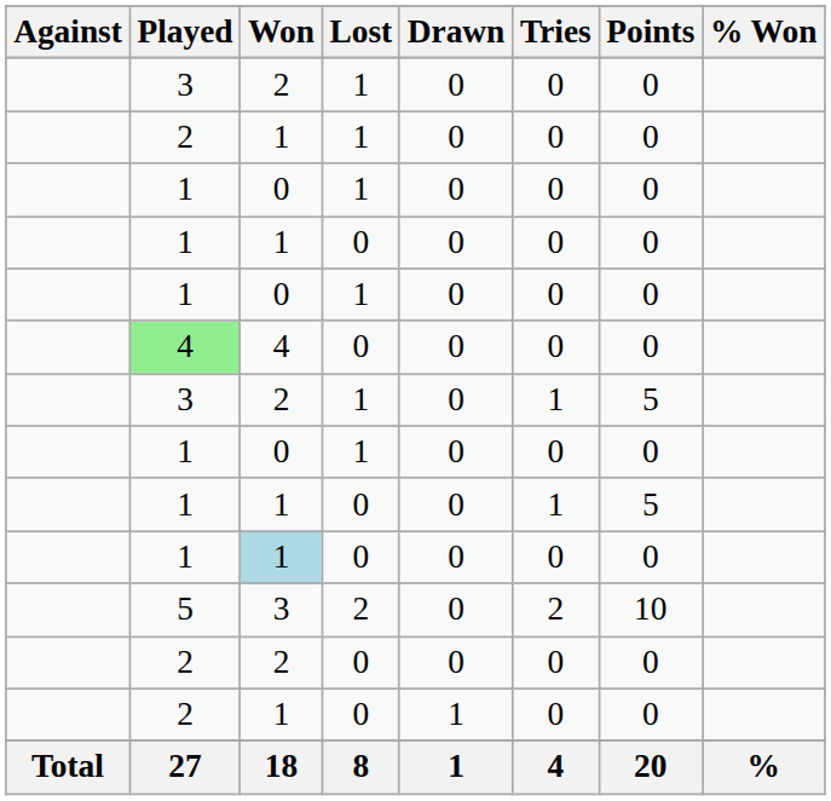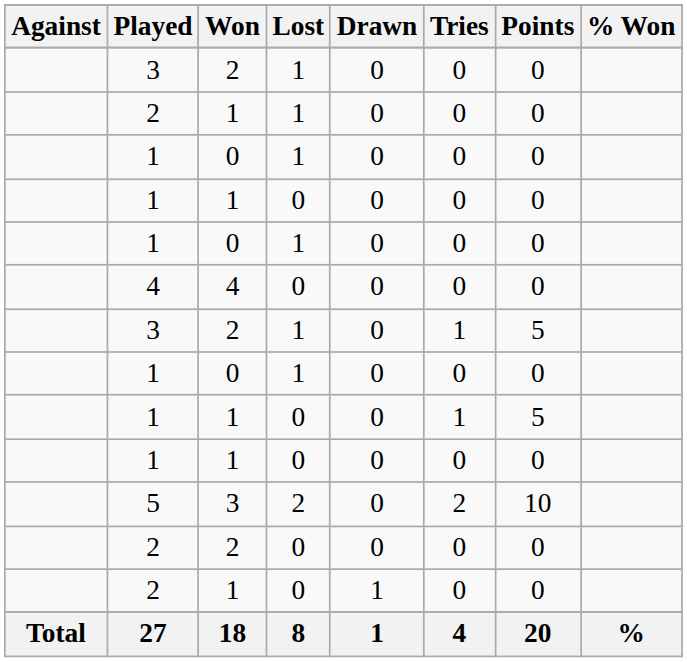 <table class="sortable wikitable" style="text-align: center;">
 <tr>
 </tr>
 <tr>
 <th>Against</th>
 <th>Played</th>
 <th>Won</th>
 <th>Lost</th>
 <th>Drawn</th>
 <th>Tries</th>
 <th>Points</th>
 <th>% Won</th>
 </tr>
 <tr bgcolor="#d0ffd0" align="center">
 </tr>
 <tr>
 <td align="left"></td>
 <td>3</td>
 <td>2</td>
 <td>1</td>
 <td>0</td>
 <td>0</td>
 <td>0</td>
 <td></td>
 </tr>
 <tr>
 <td align="left"></td>
 <td>2</td>
 <td>1</td>
 <td>1</td>
 <td>0</td>
 <td>0</td>
 <td>0</td>
 <td></td>
 </tr>
 <tr>
 <td align="left"></td>
 <td>1</td>
 <td>0</td>
 <td>1</td>
 <td>0</td>
 <td>0</td>
 <td>0</td>
 <td></td>
 </tr>
 <tr>
 <td align="left"></td>
 <td>1</td>
 <td>1</td>
 <td>0</td>
 <td>0</td>
 <td>0</td>
 <td>0</td>
 <td></td>
 </tr>
 <tr>
 <td align="left"></td>
 <td>1</td>
 <td>0</td>
 <td>1</td>
 <td>0</td>
 <td>0</td>
 <td>0</td>
 <td></td>
 </tr>
 <tr>
 <td align="left"></td>
-<td style="background: lightgreen;">4</td>
+<td>4</td>
 <td>4</td>
 <td>0</td>
 <td>0</td>
 <td>0</td>
 <td>0</td>
 <td></td>
 </tr>
 <tr>
 <td align="left"></td>
 <td>3</td>
 <td>2</td>
 <td>1</td>
 <td>0</td>
 <td>1</td>
 <td>5</td>
 <td></td>
 </tr>
 <tr>
 <td align="left"></td>
 <td>1</td>
 <td>0</td>
 <td>1</td>
 <td>0</td>
 <td>0</td>
 <td>0</td>
 <td></td>
 </tr>
 <tr>
 <td align="left"></td>
 <td>1</td>
 <td>1</td>
 <td>0</td>
 <td>0</td>
 <td>1</td>
 <td>5</td>
 <td></td>
 </tr>
 <tr>
 <td align="left"></td>
 <td>1</td>
-<td style="background: lightblue;">1</td>
+<td>1</td>
 <td>0</td>
 <td>0</td>
 <td>0</td>
 <td>0</td>
 <td></td>
 </tr>
 <tr>
 <td align="left"></td>
 <td>5</td>
 <td>3</td>
 <td>2</td>
 <td>0</td>
 <td>2</td>
 <td>10</td>
 <td></td>
 </tr>
 <tr>
 <td align="left"></td>
 <td>2</td>
 <td>2</td>
 <td>0</td>
 <td>0</td>
 <td>0</td>
 <td>0</td>
 <td></td>
 </tr>
 <tr>
 <td align="left"></td>
 <td>2</td>
 <td>1</td>
 <td>0</td>
 <td>1</td>
 <td>0</td>
 <td>0</td>
 <td></td>
 </tr>
 <tr>
 </tr>
 <tr class="sortbottom">
 <th>Total</th>
 <th>27</th>
 <th>18</th>
 <th>8</th>
 <th>1</th>
 <th>4</th>
 <th>20</th>
 <th>%</th>
 </tr>
 </table>
